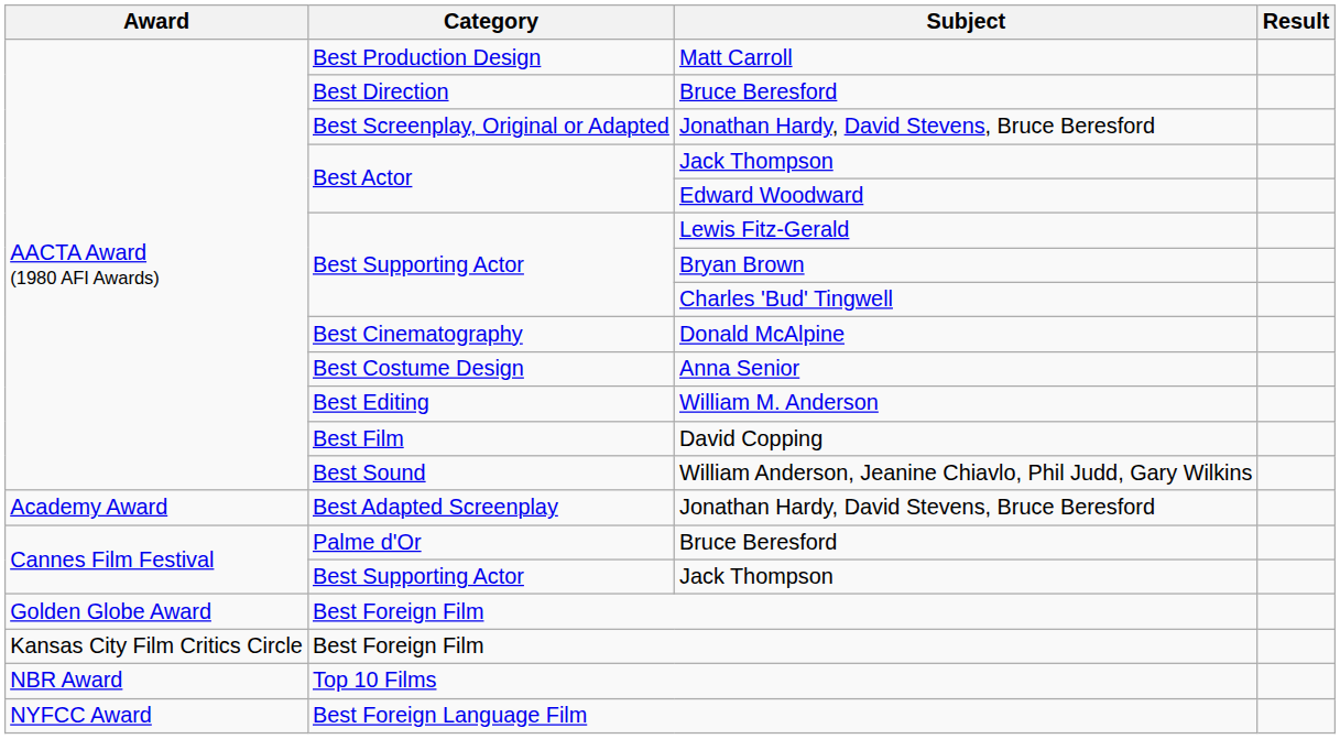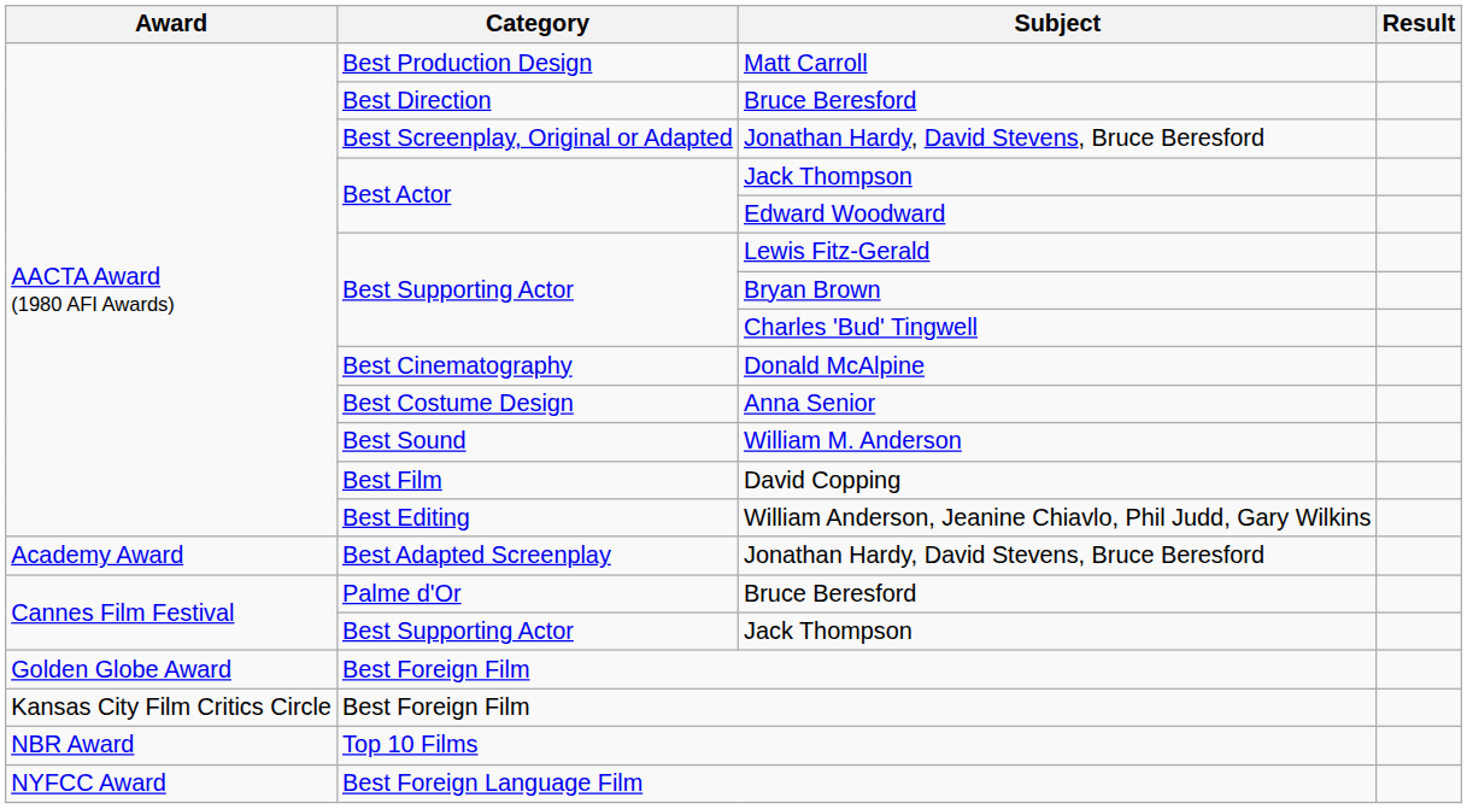 <table class="wikitable">
 <tr>
 <th>Award</th>
 <th>Category</th>
 <th>Subject</th>
 <th>Result</th>
 </tr>
 <tr>
 <td rowspan="13"><a href='#'>AACTA Award</a><br><small>(1980 AFI Awards)</small></td>
 <td><a href='#'>Best Production Design</a></td>
 <td><a href='#'>Matt Carroll</a></td>
 <td></td>
 </tr>
 <tr>
 <td><a href='#'>Best Direction</a></td>
 <td><a href='#'>Bruce Beresford</a></td>
 <td></td>
 </tr>
 <tr>
 <td><a href='#'>Best Screenplay, Original or Adapted</a></td>
 <td><a href='#'>Jonathan Hardy</a>, <a href='#'>David Stevens</a>, Bruce Beresford</td>
 <td></td>
 </tr>
 <tr>
 <td rowspan="2"><a href='#'>Best Actor</a></td>
 <td><a href='#'>Jack Thompson</a></td>
 <td></td>
 </tr>
 <tr>
 <td><a href='#'>Edward Woodward</a></td>
 <td></td>
 </tr>
 <tr>
 <td rowspan="3"><a href='#'>Best Supporting Actor</a></td>
 <td><a href='#'>Lewis Fitz-Gerald</a></td>
 <td></td>
 </tr>
 <tr>
 <td><a href='#'>Bryan Brown</a></td>
 <td></td>
 </tr>
 <tr>
 <td><a href='#'>Charles 'Bud' Tingwell</a></td>
 <td></td>
 </tr>
 <tr>
 <td><a href='#'>Best Cinematography</a></td>
 <td><a href='#'>Donald McAlpine</a></td>
 <td></td>
 </tr>
 <tr>
 <td><a href='#'>Best Costume Design</a></td>
 <td><a href='#'>Anna Senior</a></td>
 <td></td>
 </tr>
 <tr>
-<td><a href='#'>Best Editing</a></td>
+<td><a href='#'>Best Sound</a></td>
 <td><a href='#'>William M. Anderson</a></td>
 <td></td>
 </tr>
 <tr>
 <td><a href='#'>Best Film</a></td>
 <td>David Copping</td>
 <td></td>
 </tr>
 <tr>
-<td><a href='#'>Best Sound</a></td>
+<td><a href='#'>Best Editing</a></td>
 <td>William Anderson, Jeanine Chiavlo, Phil Judd, Gary Wilkins</td>
 <td></td>
 </tr>
 <tr>
 <td><a href='#'>Academy Award</a></td>
 <td><a href='#'>Best Adapted Screenplay</a></td>
 <td>Jonathan Hardy, David Stevens, Bruce Beresford</td>
 <td></td>
 </tr>
 <tr>
 <td rowspan="2"><a href='#'>Cannes Film Festival</a></td>
 <td><a href='#'>Palme d'Or</a></td>
 <td>Bruce Beresford</td>
 <td></td>
 </tr>
 <tr>
 <td><a href='#'>Best Supporting Actor</a></td>
 <td>Jack Thompson</td>
 <td></td>
 </tr>
 <tr>
 <td><a href='#'>Golden Globe Award</a></td>
 <td colspan="2"><a href='#'>Best Foreign Film</a></td>
 <td></td>
 </tr>
 <tr>
 <td>Kansas City Film Critics Circle</td>
 <td colspan="2">Best Foreign Film</td>
 <td></td>
 </tr>
 <tr>
 <td><a href='#'>NBR Award</a></td>
 <td colspan="2"><a href='#'>Top 10 Films</a></td>
 <td></td>
 </tr>
 <tr>
 <td><a href='#'>NYFCC Award</a></td>
 <td colspan="2"><a href='#'>Best Foreign Language Film</a></td>
 <td></td>
 </tr>
 </table>
